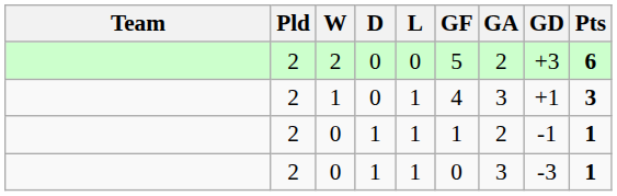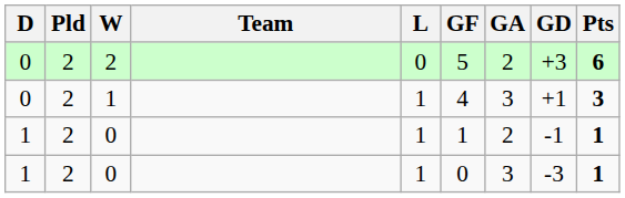 <table class="wikitable" style="text-align: center;">
 <tr>
-<th width=175>Team</th>
+<th width=20 abbr="Drawn">D</th>
 <th width=20 abbr="Played">Pld</th>
 <th width=20 abbr="Won">W</th>
-<th width=20 abbr="Drawn">D</th>
+<th width=175>Team</th>
 <th width=20 abbr="Lost">L</th>
 <th width=20 abbr="Goals for">GF</th>
 <th width=20 abbr="Goals against">GA</th>
 <th width=20 abbr="Goal difference">GD</th>
 <th width=20 abbr="Points">Pts</th>
 </tr>
 <tr bgcolor=#ccffcc>
-<td align=left></td>
+<td>0</td>
 <td>2</td>
 <td>2</td>
-<td>0</td>
+<td align=left></td>
 <td>0</td>
 <td>5</td>
 <td>2</td>
 <td>+3</td>
 <td><strong>6</strong></td>
 </tr>
 <tr>
-<td align=left></td>
+<td>0</td>
 <td>2</td>
 <td>1</td>
-<td>0</td>
+<td align=left></td>
 <td>1</td>
 <td>4</td>
 <td>3</td>
 <td>+1</td>
 <td><strong>3</strong></td>
 </tr>
 <tr>
-<td align=left></td>
+<td>1</td>
 <td>2</td>
 <td>0</td>
-<td>1</td>
+<td align=left></td>
 <td>1</td>
 <td>1</td>
 <td>2</td>
 <td>-1</td>
 <td><strong>1</strong></td>
 </tr>
 <tr>
-<td align=left></td>
+<td>1</td>
 <td>2</td>
 <td>0</td>
-<td>1</td>
+<td align=left></td>
 <td>1</td>
 <td>0</td>
 <td>3</td>
 <td>-3</td>
 <td><strong>1</strong></td>
 </tr>
 </table>
